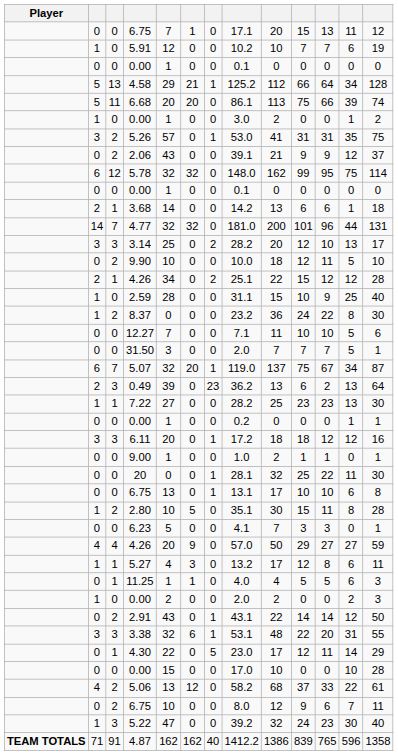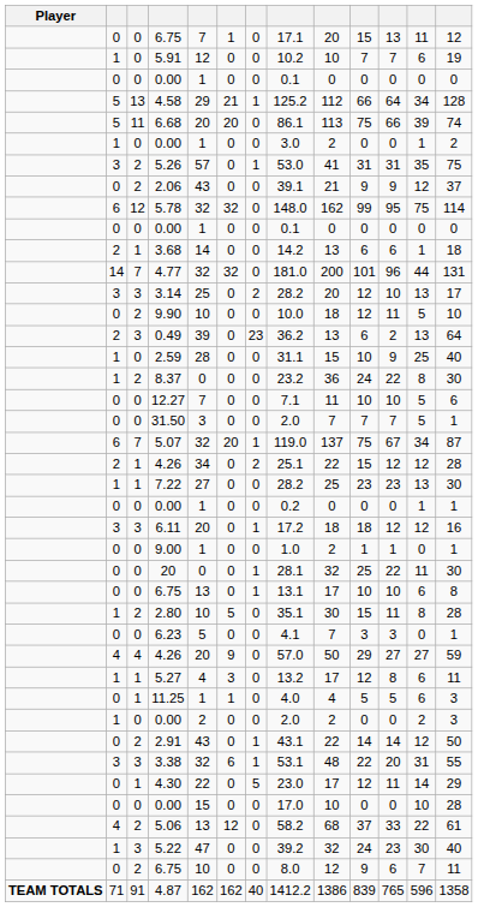 <table class="wikitable sortable" style="text-align:center;">
 <tr>
 <th>Player</th>
 <th></th>
 <th></th>
 <th></th>
 <th></th>
 <th></th>
 <th></th>
 <th></th>
 <th></th>
 <th></th>
 <th></th>
 <th></th>
 <th></th>
 </tr>
 <tr>
 <td align=left></td>
 <td>0</td>
 <td>0</td>
 <td>6.75</td>
 <td>7</td>
 <td>1</td>
 <td>0</td>
 <td>17.1</td>
 <td>20</td>
 <td>15</td>
 <td>13</td>
 <td>11</td>
 <td>12</td>
 </tr>
 <tr>
 <td align=left></td>
 <td>1</td>
 <td>0</td>
 <td>5.91</td>
 <td>12</td>
 <td>0</td>
 <td>0</td>
 <td>10.2</td>
 <td>10</td>
 <td>7</td>
 <td>7</td>
 <td>6</td>
 <td>19</td>
 </tr>
 <tr>
 <td align=left></td>
 <td>0</td>
 <td>0</td>
 <td>0.00</td>
 <td>1</td>
 <td>0</td>
 <td>0</td>
 <td>0.1</td>
 <td>0</td>
 <td>0</td>
 <td>0</td>
 <td>0</td>
 <td>0</td>
 </tr>
 <tr>
 <td align=left></td>
 <td>5</td>
 <td>13</td>
 <td>4.58</td>
 <td>29</td>
 <td>21</td>
 <td>1</td>
 <td>125.2</td>
 <td>112</td>
 <td>66</td>
 <td>64</td>
 <td>34</td>
 <td>128</td>
 </tr>
 <tr>
 <td align=left></td>
 <td>5</td>
 <td>11</td>
 <td>6.68</td>
 <td>20</td>
 <td>20</td>
 <td>0</td>
 <td>86.1</td>
 <td>113</td>
 <td>75</td>
 <td>66</td>
 <td>39</td>
 <td>74</td>
 </tr>
 <tr>
 <td align=left></td>
 <td>1</td>
 <td>0</td>
 <td>0.00</td>
 <td>1</td>
 <td>0</td>
 <td>0</td>
 <td>3.0</td>
 <td>2</td>
 <td>0</td>
 <td>0</td>
 <td>1</td>
 <td>2</td>
 </tr>
 <tr>
 <td align=left></td>
 <td>3</td>
 <td>2</td>
 <td>5.26</td>
 <td>57</td>
 <td>0</td>
 <td>1</td>
 <td>53.0</td>
 <td>41</td>
 <td>31</td>
 <td>31</td>
 <td>35</td>
 <td>75</td>
 </tr>
 <tr>
 <td align=left></td>
 <td>0</td>
 <td>2</td>
 <td>2.06</td>
 <td>43</td>
 <td>0</td>
 <td>0</td>
 <td>39.1</td>
 <td>21</td>
 <td>9</td>
 <td>9</td>
 <td>12</td>
 <td>37</td>
 </tr>
 <tr>
 <td align=left></td>
 <td>6</td>
 <td>12</td>
 <td>5.78</td>
 <td>32</td>
 <td>32</td>
 <td>0</td>
 <td>148.0</td>
 <td>162</td>
 <td>99</td>
 <td>95</td>
 <td>75</td>
 <td>114</td>
 </tr>
 <tr>
 <td align=left></td>
 <td>0</td>
 <td>0</td>
 <td>0.00</td>
 <td>1</td>
 <td>0</td>
 <td>0</td>
 <td>0.1</td>
 <td>0</td>
 <td>0</td>
 <td>0</td>
 <td>0</td>
 <td>0</td>
 </tr>
 <tr>
 <td align=left></td>
 <td>2</td>
 <td>1</td>
 <td>3.68</td>
 <td>14</td>
 <td>0</td>
 <td>0</td>
 <td>14.2</td>
 <td>13</td>
 <td>6</td>
 <td>6</td>
 <td>1</td>
 <td>18</td>
 </tr>
 <tr>
 <td align=left></td>
 <td>14</td>
 <td>7</td>
 <td>4.77</td>
 <td>32</td>
 <td>32</td>
 <td>0</td>
 <td>181.0</td>
 <td>200</td>
 <td>101</td>
 <td>96</td>
 <td>44</td>
 <td>131</td>
 </tr>
 <tr>
 <td align=left></td>
 <td>3</td>
 <td>3</td>
 <td>3.14</td>
 <td>25</td>
 <td>0</td>
 <td>2</td>
 <td>28.2</td>
 <td>20</td>
 <td>12</td>
 <td>10</td>
 <td>13</td>
 <td>17</td>
 </tr>
 <tr>
 <td align=left></td>
 <td>0</td>
 <td>2</td>
 <td>9.90</td>
 <td>10</td>
 <td>0</td>
 <td>0</td>
 <td>10.0</td>
 <td>18</td>
 <td>12</td>
 <td>11</td>
 <td>5</td>
 <td>10</td>
 </tr>
 <tr>
 <td align=left></td>
 <td>2</td>
-<td>1</td>
-<td>4.26</td>
-<td>34</td>
+<td>3</td>
+<td>0.49</td>
+<td>39</td>
 <td>0</td>
+<td>23</td>
+<td>36.2</td>
+<td>13</td>
+<td>6</td>
 <td>2</td>
-<td>25.1</td>
-<td>22</td>
-<td>15</td>
-<td>12</td>
-<td>12</td>
-<td>28</td>
+<td>13</td>
+<td>64</td>
 </tr>
 <tr>
 <td align=left></td>
 <td>1</td>
 <td>0</td>
 <td>2.59</td>
 <td>28</td>
 <td>0</td>
 <td>0</td>
 <td>31.1</td>
 <td>15</td>
 <td>10</td>
 <td>9</td>
 <td>25</td>
 <td>40</td>
 </tr>
 <tr>
 <td align=left></td>
 <td>1</td>
 <td>2</td>
 <td>8.37</td>
 <td>0</td>
 <td>0</td>
 <td>0</td>
 <td>23.2</td>
 <td>36</td>
 <td>24</td>
 <td>22</td>
 <td>8</td>
 <td>30</td>
 </tr>
 <tr>
 <td align=left></td>
 <td>0</td>
 <td>0</td>
 <td>12.27</td>
 <td>7</td>
 <td>0</td>
 <td>0</td>
 <td>7.1</td>
 <td>11</td>
 <td>10</td>
 <td>10</td>
 <td>5</td>
 <td>6</td>
 </tr>
 <tr>
 <td align=left></td>
 <td>0</td>
 <td>0</td>
 <td>31.50</td>
 <td>3</td>
 <td>0</td>
 <td>0</td>
 <td>2.0</td>
 <td>7</td>
 <td>7</td>
 <td>7</td>
 <td>5</td>
 <td>1</td>
 </tr>
 <tr>
 <td align=left></td>
 <td>6</td>
 <td>7</td>
 <td>5.07</td>
 <td>32</td>
 <td>20</td>
 <td>1</td>
 <td>119.0</td>
 <td>137</td>
 <td>75</td>
 <td>67</td>
 <td>34</td>
 <td>87</td>
 </tr>
 <tr>
 <td align=left></td>
 <td>2</td>
-<td>3</td>
-<td>0.49</td>
-<td>39</td>
+<td>1</td>
+<td>4.26</td>
+<td>34</td>
 <td>0</td>
-<td>23</td>
-<td>36.2</td>
-<td>13</td>
-<td>6</td>
 <td>2</td>
-<td>13</td>
-<td>64</td>
+<td>25.1</td>
+<td>22</td>
+<td>15</td>
+<td>12</td>
+<td>12</td>
+<td>28</td>
 </tr>
 <tr>
 <td align=left></td>
 <td>1</td>
 <td>1</td>
 <td>7.22</td>
 <td>27</td>
 <td>0</td>
 <td>0</td>
 <td>28.2</td>
 <td>25</td>
 <td>23</td>
 <td>23</td>
 <td>13</td>
 <td>30</td>
 </tr>
 <tr>
 <td align=left></td>
 <td>0</td>
 <td>0</td>
 <td>0.00</td>
 <td>1</td>
 <td>0</td>
 <td>0</td>
 <td>0.2</td>
 <td>0</td>
 <td>0</td>
 <td>0</td>
 <td>1</td>
 <td>1</td>
 </tr>
 <tr>
 <td align=left></td>
 <td>3</td>
 <td>3</td>
 <td>6.11</td>
 <td>20</td>
 <td>0</td>
 <td>1</td>
 <td>17.2</td>
 <td>18</td>
 <td>18</td>
 <td>12</td>
 <td>12</td>
 <td>16</td>
 </tr>
 <tr>
 <td align=left></td>
 <td>0</td>
 <td>0</td>
 <td>9.00</td>
 <td>1</td>
 <td>0</td>
 <td>0</td>
 <td>1.0</td>
 <td>2</td>
 <td>1</td>
 <td>1</td>
 <td>0</td>
 <td>1</td>
 </tr>
 <tr>
 <td align=left></td>
 <td>0</td>
 <td>0</td>
 <td>20</td>
 <td>0</td>
 <td>0</td>
 <td>1</td>
 <td>28.1</td>
 <td>32</td>
 <td>25</td>
 <td>22</td>
 <td>11</td>
 <td>30</td>
 </tr>
 <tr>
 <td align=left></td>
 <td>0</td>
 <td>0</td>
 <td>6.75</td>
 <td>13</td>
 <td>0</td>
 <td>1</td>
 <td>13.1</td>
 <td>17</td>
 <td>10</td>
 <td>10</td>
 <td>6</td>
 <td>8</td>
 </tr>
 <tr>
 <td align=left></td>
 <td>1</td>
 <td>2</td>
 <td>2.80</td>
 <td>10</td>
 <td>5</td>
 <td>0</td>
 <td>35.1</td>
 <td>30</td>
 <td>15</td>
 <td>11</td>
 <td>8</td>
 <td>28</td>
 </tr>
 <tr>
 <td align=left></td>
 <td>0</td>
 <td>0</td>
 <td>6.23</td>
 <td>5</td>
 <td>0</td>
 <td>0</td>
 <td>4.1</td>
 <td>7</td>
 <td>3</td>
 <td>3</td>
 <td>0</td>
 <td>1</td>
 </tr>
 <tr>
 <td align=left></td>
 <td>4</td>
 <td>4</td>
 <td>4.26</td>
 <td>20</td>
 <td>9</td>
 <td>0</td>
 <td>57.0</td>
 <td>50</td>
 <td>29</td>
 <td>27</td>
 <td>27</td>
 <td>59</td>
 </tr>
 <tr>
 <td align=left></td>
 <td>1</td>
 <td>1</td>
 <td>5.27</td>
 <td>4</td>
 <td>3</td>
 <td>0</td>
 <td>13.2</td>
 <td>17</td>
 <td>12</td>
 <td>8</td>
 <td>6</td>
 <td>11</td>
 </tr>
 <tr>
 <td align=left></td>
 <td>0</td>
 <td>1</td>
 <td>11.25</td>
 <td>1</td>
 <td>1</td>
 <td>0</td>
 <td>4.0</td>
 <td>4</td>
 <td>5</td>
 <td>5</td>
 <td>6</td>
 <td>3</td>
 </tr>
 <tr>
 <td align=left></td>
 <td>1</td>
 <td>0</td>
 <td>0.00</td>
 <td>2</td>
 <td>0</td>
 <td>0</td>
 <td>2.0</td>
 <td>2</td>
 <td>0</td>
 <td>0</td>
 <td>2</td>
 <td>3</td>
 </tr>
 <tr>
 <td align=left></td>
 <td>0</td>
 <td>2</td>
 <td>2.91</td>
 <td>43</td>
 <td>0</td>
 <td>1</td>
 <td>43.1</td>
 <td>22</td>
 <td>14</td>
 <td>14</td>
 <td>12</td>
 <td>50</td>
 </tr>
 <tr>
 <td align=left></td>
 <td>3</td>
 <td>3</td>
 <td>3.38</td>
 <td>32</td>
 <td>6</td>
 <td>1</td>
 <td>53.1</td>
 <td>48</td>
 <td>22</td>
 <td>20</td>
 <td>31</td>
 <td>55</td>
 </tr>
 <tr>
 <td align=left></td>
 <td>0</td>
 <td>1</td>
 <td>4.30</td>
 <td>22</td>
 <td>0</td>
 <td>5</td>
 <td>23.0</td>
 <td>17</td>
 <td>12</td>
 <td>11</td>
 <td>14</td>
 <td>29</td>
 </tr>
 <tr>
 <td align=left></td>
 <td>0</td>
 <td>0</td>
 <td>0.00</td>
 <td>15</td>
 <td>0</td>
 <td>0</td>
 <td>17.0</td>
 <td>10</td>
 <td>0</td>
 <td>0</td>
 <td>10</td>
 <td>28</td>
 </tr>
 <tr>
 <td align=left></td>
 <td>4</td>
 <td>2</td>
 <td>5.06</td>
 <td>13</td>
 <td>12</td>
 <td>0</td>
 <td>58.2</td>
 <td>68</td>
 <td>37</td>
 <td>33</td>
 <td>22</td>
 <td>61</td>
 </tr>
 <tr>
 <td align=left></td>
+<td>1</td>
+<td>3</td>
+<td>5.22</td>
+<td>47</td>
+<td>0</td>
+<td>0</td>
+<td>39.2</td>
+<td>32</td>
+<td>24</td>
+<td>23</td>
+<td>30</td>
+<td>40</td>
+</tr>
+<tr>
+<td align=left></td>
 <td>0</td>
 <td>2</td>
 <td>6.75</td>
 <td>10</td>
 <td>0</td>
 <td>0</td>
 <td>8.0</td>
 <td>12</td>
 <td>9</td>
 <td>6</td>
 <td>7</td>
 <td>11</td>
-</tr>
-<tr>
-<td align=left></td>
-<td>1</td>
-<td>3</td>
-<td>5.22</td>
-<td>47</td>
-<td>0</td>
-<td>0</td>
-<td>39.2</td>
-<td>32</td>
-<td>24</td>
-<td>23</td>
-<td>30</td>
-<td>40</td>
 </tr>
 <tr class="sortbottom">
 <td align="left"><strong>TEAM TOTALS</strong></td>
 <td>71</td>
 <td>91</td>
 <td>4.87</td>
 <td>162</td>
 <td>162</td>
 <td>40</td>
 <td>1412.2</td>
 <td>1386</td>
 <td>839</td>
 <td>765</td>
 <td>596</td>
 <td>1358</td>
 </tr>
 </table>
